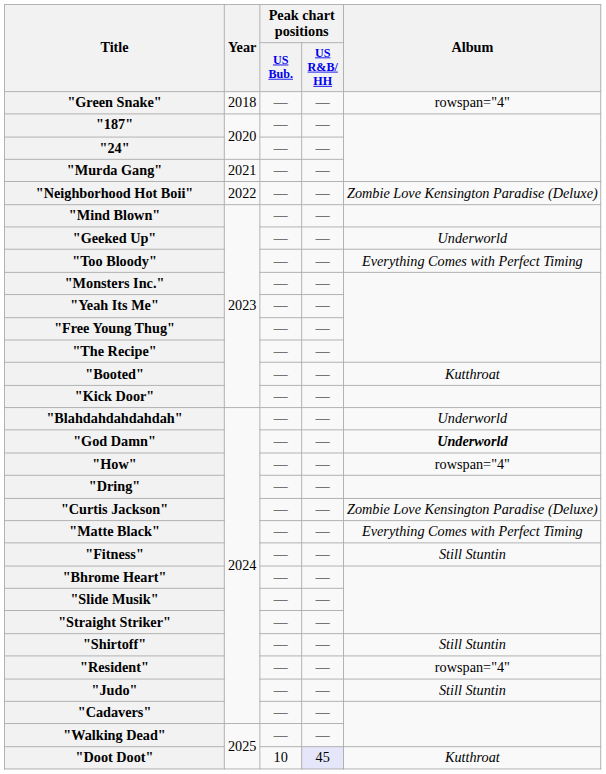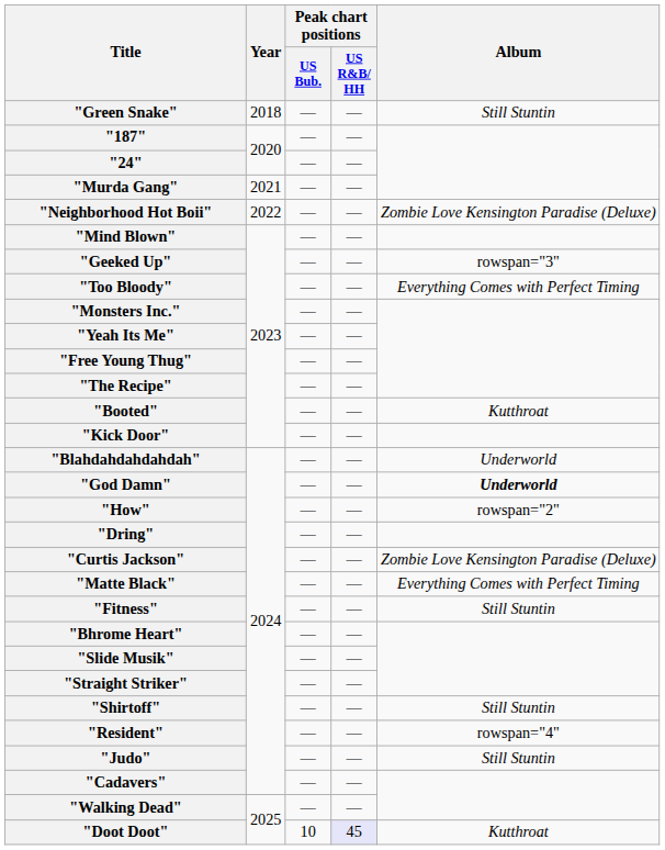 <table class="wikitable plainrowheaders" style="text-align:center;">
 <tr>
 <th scope="col" rowspan="2" style="width:15em;">Title</th>
 <th scope="col" rowspan="2">Year</th>
 <th scope="col" colspan="2">Peak chart positions</th>
 <th scope="col" rowspan="2">Album</th>
 </tr>
 <tr>
 <th scope="col" style="width:3em;font-size:85%"><a href='#'>US<br>Bub.</a><br></th>
 <th scope="col" style="width:3em;font-size:85%"><a href='#'>US<br>R&B/<br>HH</a><br></th>
 </tr>
 <tr>
 <th scope="row">"Green Snake"</th>
 <td>2018</td>
 <td>—</td>
 <td>—</td>
-<td>rowspan="4" </td>
+<td><em>Still Stuntin</em></td>
 </tr>
 <tr>
 <th scope="row">"187"</th>
 <td rowspan="2">2020</td>
 <td>—</td>
 <td>—</td>
 </tr>
 <tr>
 <th scope="row">"24"</th>
 <td>—</td>
 <td>—</td>
 </tr>
 <tr>
 <th scope="row">"Murda Gang"<br></th>
 <td>2021</td>
 <td>—</td>
 <td>—</td>
 </tr>
 <tr>
 <th scope="row">"Neighborhood Hot Boii"<br></th>
 <td>2022</td>
 <td>—</td>
 <td>—</td>
 <td><em>Zombie Love Kensington Paradise (Deluxe)</em></td>
 </tr>
 <tr>
 <th scope="row">"Mind Blown"<br></th>
 <td rowspan="9">2023</td>
 <td>—</td>
 <td>—</td>
 <td></td>
 </tr>
 <tr>
 <th scope="row">"Geeked Up"</th>
 <td>—</td>
 <td>—</td>
-<td><em>Underworld</em></td>
+<td>rowspan="3" </td>
 </tr>
 <tr>
 <th scope="row">"Too Bloody"<br></th>
 <td>—</td>
 <td>—</td>
 <td><em>Everything Comes with Perfect Timing</em></td>
 </tr>
 <tr>
 <th scope="row">"Monsters Inc."</th>
 <td>—</td>
 <td>—</td>
 </tr>
 <tr>
 <th scope="row">"Yeah Its Me"</th>
 <td>—</td>
 <td>—</td>
 </tr>
 <tr>
 <th scope="row">"Free Young Thug"</th>
 <td>—</td>
 <td>—</td>
 </tr>
 <tr>
 <th scope="row">"The Recipe"<br></th>
 <td>—</td>
 <td>—</td>
 </tr>
 <tr>
 <th scope="row">"Booted"</th>
 <td>—</td>
 <td>—</td>
 <td><em>Kutthroat</em></td>
 </tr>
 <tr>
 <th scope="row">"Kick Door"<br></th>
 <td>—</td>
 <td>—</td>
 <td></td>
 </tr>
 <tr>
 <th scope="row">"Blahdahdahdahdah"</th>
 <td rowspan="14">2024</td>
 <td>—</td>
 <td>—</td>
 <td><em>Underworld</em></td>
 </tr>
 <tr>
 <th scope="row">"God Damn"</th>
 <td>—</td>
 <td>—</td>
 <td><strong><em>Underworld</em></strong></td>
 </tr>
 <tr>
 <th scope="row">"How"<br></th>
 <td>—</td>
 <td>—</td>
-<td>rowspan="4" </td>
+<td>rowspan="2" </td>
 </tr>
 <tr>
 <th scope="row">"Dring"<br></th>
 <td>—</td>
 <td>—</td>
 </tr>
 <tr>
 <th scope="row">"Curtis Jackson"<br></th>
 <td>—</td>
 <td>—</td>
 <td><em>Zombie Love Kensington Paradise (Deluxe)</em></td>
 </tr>
 <tr>
 <th scope="row">"Matte Black"</th>
 <td>—</td>
 <td>—</td>
 <td><em>Everything Comes with Perfect Timing</em></td>
 </tr>
 <tr>
 <th scope="row">"Fitness"<br></th>
 <td>—</td>
 <td>—</td>
 <td><em>Still Stuntin</em></td>
 </tr>
 <tr>
 <th scope="row">"Bhrome Heart"</th>
 <td>—</td>
 <td>—</td>
 </tr>
 <tr>
 <th scope="row">"Slide Musik"<br></th>
 <td>—</td>
 <td>—</td>
 </tr>
 <tr>
 <th scope="row">"Straight Striker"<br></th>
 <td>—</td>
 <td>—</td>
 </tr>
 <tr>
 <th scope="row">"Shirtoff"<br></th>
 <td>—</td>
 <td>—</td>
 <td><em>Still Stuntin</em></td>
 </tr>
 <tr>
 <th scope="row">"Resident"</th>
 <td>—</td>
 <td>—</td>
 <td>rowspan="4" </td>
 </tr>
 <tr>
 <th scope="row">"Judo"<br></th>
 <td>—</td>
 <td>—</td>
 <td><em>Still Stuntin</em></td>
 </tr>
 <tr>
 <th scope="row">"Cadavers"<br></th>
 <td>—</td>
 <td>—</td>
 </tr>
 <tr>
 <th scope="row">"Walking Dead"<br></th>
 <td rowspan="2">2025</td>
 <td>—</td>
 <td>—</td>
 </tr>
 <tr>
 <th scope="row">"Doot Doot"</th>
 <td>10</td>
 <td style="background: lavender;">45</td>
 <td><em>Kutthroat</em></td>
 </tr>
 </table>
